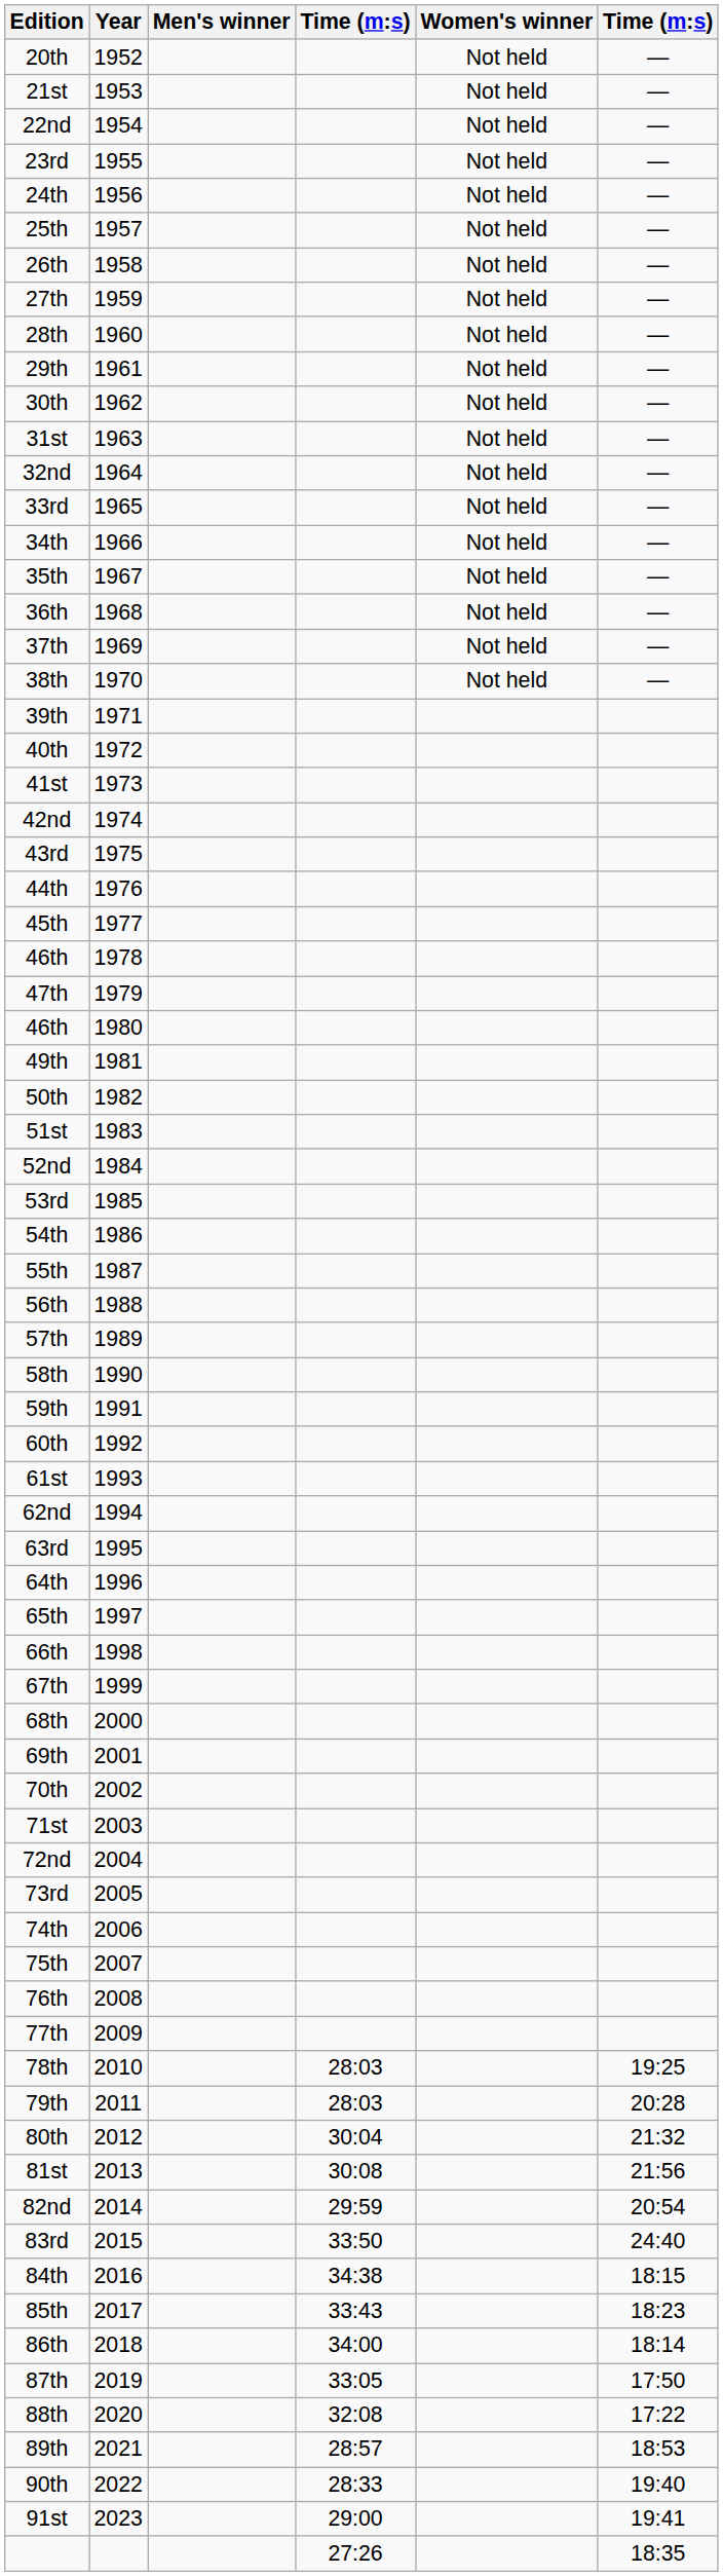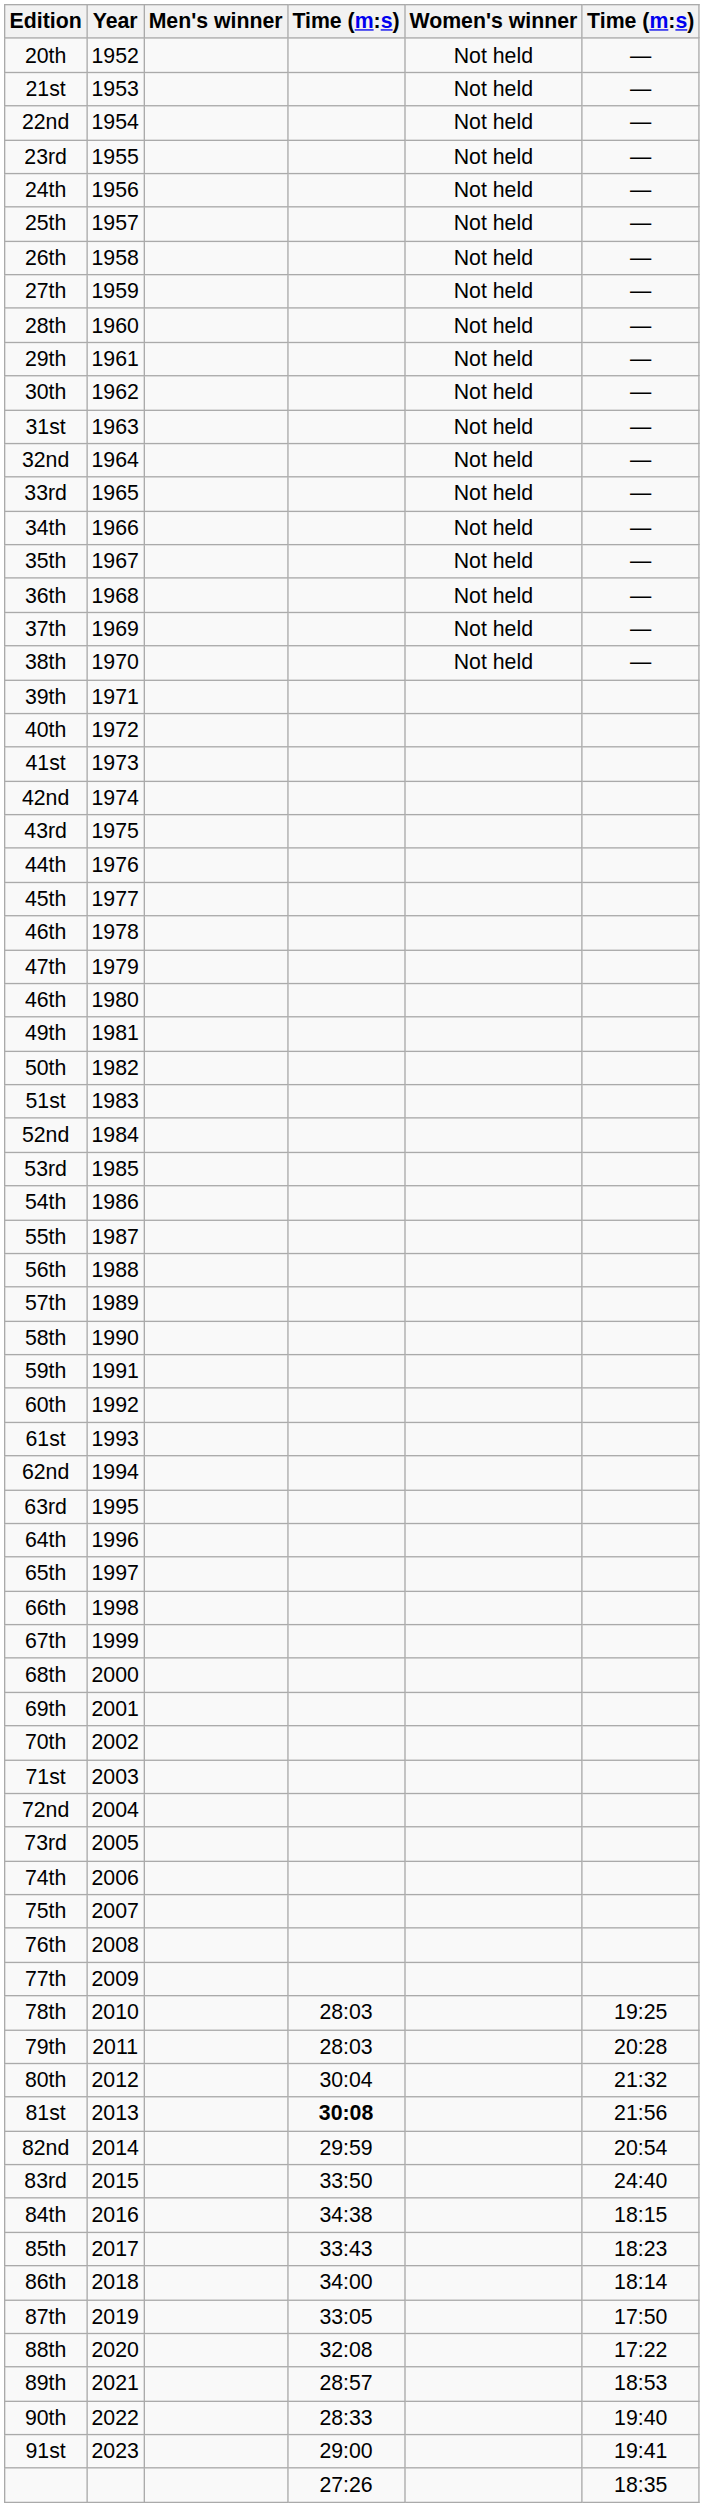 <table class="wikitable sortable" style="text-align:center">
 <tr>
 <th>Edition</th>
 <th>Year</th>
 <th>Men's winner</th>
 <th>Time (<a href='#'>m</a>:<a href='#'>s</a>)</th>
 <th>Women's winner</th>
 <th>Time (<a href='#'>m</a>:<a href='#'>s</a>)</th>
 </tr>
 <tr>
 <td>20th</td>
 <td>1952</td>
 <td align=left></td>
 <td></td>
 <td align=center>Not held</td>
 <td align=center>—</td>
 </tr>
 <tr>
 <td>21st</td>
 <td>1953</td>
 <td align=left></td>
 <td></td>
 <td align=center>Not held</td>
 <td align=center>—</td>
 </tr>
 <tr>
 <td>22nd</td>
 <td>1954</td>
 <td align=left></td>
 <td></td>
 <td align=center>Not held</td>
 <td align=center>—</td>
 </tr>
 <tr>
 <td>23rd</td>
 <td>1955</td>
 <td align=left></td>
 <td></td>
 <td align=center>Not held</td>
 <td align=center>—</td>
 </tr>
 <tr>
 <td>24th</td>
 <td>1956</td>
 <td align=left></td>
 <td></td>
 <td align=center>Not held</td>
 <td align=center>—</td>
 </tr>
 <tr>
 <td>25th</td>
 <td>1957</td>
 <td align=left></td>
 <td></td>
 <td align=center>Not held</td>
 <td align=center>—</td>
 </tr>
 <tr>
 <td>26th</td>
 <td>1958</td>
 <td align=left></td>
 <td></td>
 <td align=center>Not held</td>
 <td align=center>—</td>
 </tr>
 <tr>
 <td>27th</td>
 <td>1959</td>
 <td align=left></td>
 <td></td>
 <td align=center>Not held</td>
 <td align=center>—</td>
 </tr>
 <tr>
 <td>28th</td>
 <td>1960</td>
 <td align=left></td>
 <td></td>
 <td align=center>Not held</td>
 <td align=center>—</td>
 </tr>
 <tr>
 <td>29th</td>
 <td>1961</td>
 <td align=left></td>
 <td></td>
 <td align=center>Not held</td>
 <td align=center>—</td>
 </tr>
 <tr>
 <td>30th</td>
 <td>1962</td>
 <td align=left></td>
 <td></td>
 <td align=center>Not held</td>
 <td align=center>—</td>
 </tr>
 <tr>
 <td>31st</td>
 <td>1963</td>
 <td align=left></td>
 <td></td>
 <td align=center>Not held</td>
 <td align=center>—</td>
 </tr>
 <tr>
 <td>32nd</td>
 <td>1964</td>
 <td align=left></td>
 <td></td>
 <td align=center>Not held</td>
 <td align=center>—</td>
 </tr>
 <tr>
 <td>33rd</td>
 <td>1965</td>
 <td align=left></td>
 <td></td>
 <td align=center>Not held</td>
 <td align=center>—</td>
 </tr>
 <tr>
 <td>34th</td>
 <td>1966</td>
 <td align=left></td>
 <td></td>
 <td align=center>Not held</td>
 <td align=center>—</td>
 </tr>
 <tr>
 <td>35th</td>
 <td>1967</td>
 <td align=left></td>
 <td></td>
 <td align=center>Not held</td>
 <td align=center>—</td>
 </tr>
 <tr>
 <td>36th</td>
 <td>1968</td>
 <td align=left></td>
 <td></td>
 <td align=center>Not held</td>
 <td align=center>—</td>
 </tr>
 <tr>
 <td>37th</td>
 <td>1969</td>
 <td align=left></td>
 <td></td>
 <td align=center>Not held</td>
 <td align=center>—</td>
 </tr>
 <tr>
 <td>38th</td>
 <td>1970</td>
 <td align=left></td>
 <td></td>
 <td align=center>Not held</td>
 <td align=center>—</td>
 </tr>
 <tr>
 <td>39th</td>
 <td>1971</td>
 <td align=left></td>
 <td></td>
 <td align=left></td>
 <td></td>
 </tr>
 <tr>
 <td>40th</td>
 <td>1972</td>
 <td align=left></td>
 <td></td>
 <td align=left></td>
 <td></td>
 </tr>
 <tr>
 <td>41st</td>
 <td>1973</td>
 <td align=left></td>
 <td></td>
 <td align=left></td>
 <td></td>
 </tr>
 <tr>
 <td>42nd</td>
 <td>1974</td>
 <td align=left></td>
 <td></td>
 <td align=left></td>
 <td></td>
 </tr>
 <tr>
 <td>43rd</td>
 <td>1975</td>
 <td align=left></td>
 <td></td>
 <td align=left></td>
 <td></td>
 </tr>
 <tr>
 <td>44th</td>
 <td>1976</td>
 <td align=left></td>
 <td></td>
 <td align=left></td>
 <td></td>
 </tr>
 <tr>
 <td>45th</td>
 <td>1977</td>
 <td align=left></td>
 <td></td>
 <td align=left></td>
 <td></td>
 </tr>
 <tr>
 <td>46th</td>
 <td>1978</td>
 <td align=left></td>
 <td></td>
 <td align=left></td>
 <td></td>
 </tr>
 <tr>
 <td>47th</td>
 <td>1979</td>
 <td align=left></td>
 <td></td>
 <td align=left></td>
 <td></td>
 </tr>
 <tr>
 <td>46th</td>
 <td>1980</td>
 <td align=left></td>
 <td></td>
 <td align=left></td>
 <td></td>
 </tr>
 <tr>
 <td>49th</td>
 <td>1981</td>
 <td align=left></td>
 <td></td>
 <td align=left></td>
 <td></td>
 </tr>
 <tr>
 <td>50th</td>
 <td>1982</td>
 <td align=left></td>
 <td></td>
 <td align=left></td>
 <td></td>
 </tr>
 <tr>
 <td>51st</td>
 <td>1983</td>
 <td align=left></td>
 <td></td>
 <td align=left></td>
 <td></td>
 </tr>
 <tr>
 <td>52nd</td>
 <td>1984</td>
 <td align=left></td>
 <td></td>
 <td align=left></td>
 <td></td>
 </tr>
 <tr>
 <td>53rd</td>
 <td>1985</td>
 <td align=left></td>
 <td></td>
 <td align=left></td>
 <td></td>
 </tr>
 <tr>
 <td>54th</td>
 <td>1986</td>
 <td align=left></td>
 <td></td>
 <td align=left></td>
 <td></td>
 </tr>
 <tr>
 <td>55th</td>
 <td>1987</td>
 <td align=left></td>
 <td></td>
 <td align=left></td>
 <td></td>
 </tr>
 <tr>
 <td>56th</td>
 <td>1988</td>
 <td align=left></td>
 <td></td>
 <td align=left></td>
 <td></td>
 </tr>
 <tr>
 <td>57th</td>
 <td>1989</td>
 <td align=left></td>
 <td></td>
 <td align=left></td>
 <td></td>
 </tr>
 <tr>
 <td>58th</td>
 <td>1990</td>
 <td align=left></td>
 <td></td>
 <td align=left></td>
 <td></td>
 </tr>
 <tr>
 <td>59th</td>
 <td>1991</td>
 <td align=left></td>
 <td></td>
 <td align=left></td>
 <td></td>
 </tr>
 <tr>
 <td>60th</td>
 <td>1992</td>
 <td align=left></td>
 <td></td>
 <td align=left></td>
 <td></td>
 </tr>
 <tr>
 <td>61st</td>
 <td>1993</td>
 <td align=left></td>
 <td></td>
 <td align=left></td>
 <td></td>
 </tr>
 <tr>
 <td>62nd</td>
 <td>1994</td>
 <td align=left></td>
 <td></td>
 <td align=left></td>
 <td></td>
 </tr>
 <tr>
 <td>63rd</td>
 <td>1995</td>
 <td align=left></td>
 <td></td>
 <td align=left></td>
 <td></td>
 </tr>
 <tr>
 <td>64th</td>
 <td>1996</td>
 <td align=left></td>
 <td></td>
 <td align=left></td>
 <td></td>
 </tr>
 <tr>
 <td>65th</td>
 <td>1997</td>
 <td align=left></td>
 <td></td>
 <td align=left></td>
 <td></td>
 </tr>
 <tr>
 <td>66th</td>
 <td>1998</td>
 <td align=left></td>
 <td></td>
 <td align=left></td>
 <td></td>
 </tr>
 <tr>
 <td>67th</td>
 <td>1999</td>
 <td align=left></td>
 <td></td>
 <td align=left></td>
 <td></td>
 </tr>
 <tr>
 <td>68th</td>
 <td>2000</td>
 <td align=left></td>
 <td></td>
 <td align=left></td>
 <td></td>
 </tr>
 <tr>
 <td>69th</td>
 <td>2001</td>
 <td align=left></td>
 <td></td>
 <td align=left></td>
 <td></td>
 </tr>
 <tr>
 <td>70th</td>
 <td>2002</td>
 <td align=left></td>
 <td></td>
 <td align=left></td>
 <td></td>
 </tr>
 <tr>
 <td>71st</td>
 <td>2003</td>
 <td align=left></td>
 <td></td>
 <td align=left></td>
 <td></td>
 </tr>
 <tr>
 <td>72nd</td>
 <td>2004</td>
 <td align=left></td>
 <td></td>
 <td align=left></td>
 <td></td>
 </tr>
 <tr>
 <td>73rd</td>
 <td>2005</td>
 <td align=left></td>
 <td></td>
 <td align=left></td>
 <td></td>
 </tr>
 <tr>
 <td>74th</td>
 <td>2006</td>
 <td align=left></td>
 <td></td>
 <td align=left></td>
 <td></td>
 </tr>
 <tr>
 <td>75th</td>
 <td>2007</td>
 <td align=left></td>
 <td></td>
 <td align=left></td>
 <td></td>
 </tr>
 <tr>
 <td>76th</td>
 <td>2008</td>
 <td align=left></td>
 <td></td>
 <td align=left></td>
 <td></td>
 </tr>
 <tr>
 <td>77th</td>
 <td>2009</td>
 <td align=left></td>
 <td></td>
 <td align=left></td>
 <td></td>
 </tr>
 <tr>
 <td>78th</td>
 <td>2010</td>
 <td align=left></td>
 <td>28:03</td>
 <td align=left></td>
 <td>19:25</td>
 </tr>
 <tr>
 <td>79th</td>
 <td>2011</td>
 <td align=left></td>
 <td>28:03</td>
 <td align=left></td>
 <td>20:28</td>
 </tr>
 <tr>
 <td>80th</td>
 <td>2012</td>
 <td align=left></td>
 <td>30:04</td>
 <td align=left></td>
 <td>21:32</td>
 </tr>
 <tr>
 <td>81st</td>
 <td>2013</td>
 <td align=left></td>
-<td>30:08</td>
+<td><strong>30:08</strong></td>
 <td align=left></td>
 <td>21:56</td>
 </tr>
 <tr>
 <td>82nd</td>
 <td>2014</td>
 <td align=left></td>
 <td>29:59</td>
 <td align=left></td>
 <td>20:54</td>
 </tr>
 <tr>
 <td>83rd</td>
 <td>2015</td>
 <td align=left></td>
 <td>33:50</td>
 <td align=left></td>
 <td>24:40</td>
 </tr>
 <tr>
 <td>84th</td>
 <td>2016</td>
 <td align=left></td>
 <td>34:38</td>
 <td align=left></td>
 <td>18:15</td>
 </tr>
 <tr>
 <td>85th</td>
 <td>2017</td>
 <td align=left></td>
 <td>33:43</td>
 <td align=left></td>
 <td>18:23</td>
 </tr>
 <tr>
 <td>86th</td>
 <td>2018</td>
 <td align=left></td>
 <td>34:00</td>
 <td align=left></td>
 <td>18:14</td>
 </tr>
 <tr>
 <td>87th</td>
 <td>2019</td>
 <td align=left></td>
 <td>33:05</td>
 <td align=left></td>
 <td>17:50</td>
 </tr>
 <tr>
 <td>88th</td>
 <td>2020</td>
 <td align=left></td>
 <td>32:08</td>
 <td align=left></td>
 <td>17:22</td>
 </tr>
 <tr>
 <td>89th</td>
 <td>2021</td>
 <td align=left></td>
 <td>28:57</td>
 <td align=left></td>
 <td>18:53</td>
 </tr>
 <tr>
 <td>90th</td>
 <td>2022</td>
 <td align=left></td>
 <td>28:33</td>
 <td align=left></td>
 <td>19:40</td>
 </tr>
 <tr>
 <td>91st</td>
 <td>2023</td>
 <td align=left></td>
 <td>29:00</td>
 <td align=left></td>
 <td>19:41</td>
 </tr>
 <tr>
 <td></td>
 <td></td>
 <td align=left></td>
 <td>27:26</td>
 <td align=left></td>
 <td>18:35</td>
 </tr>
 </table>
